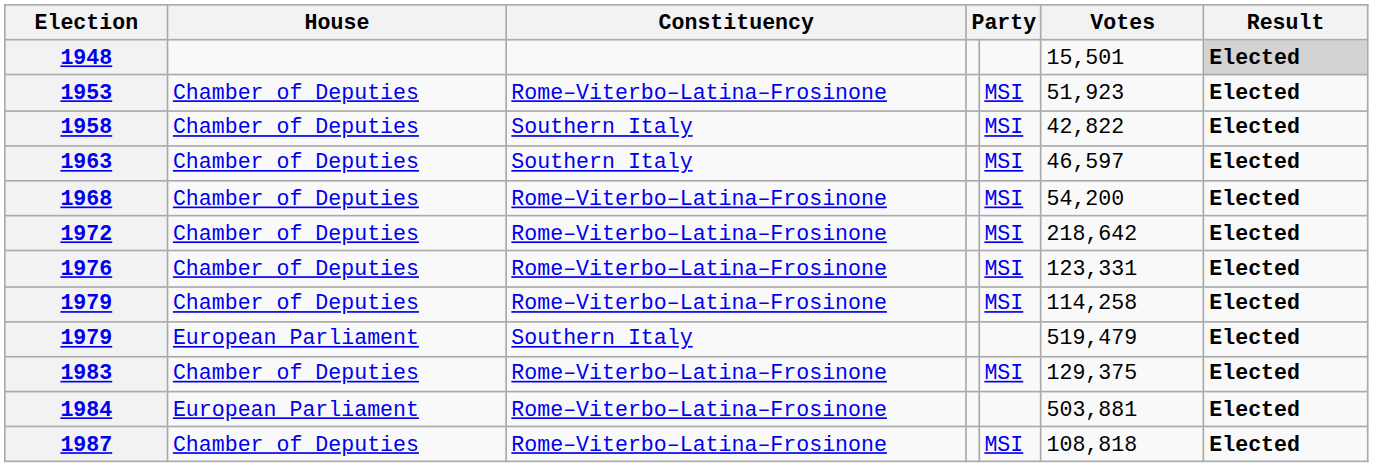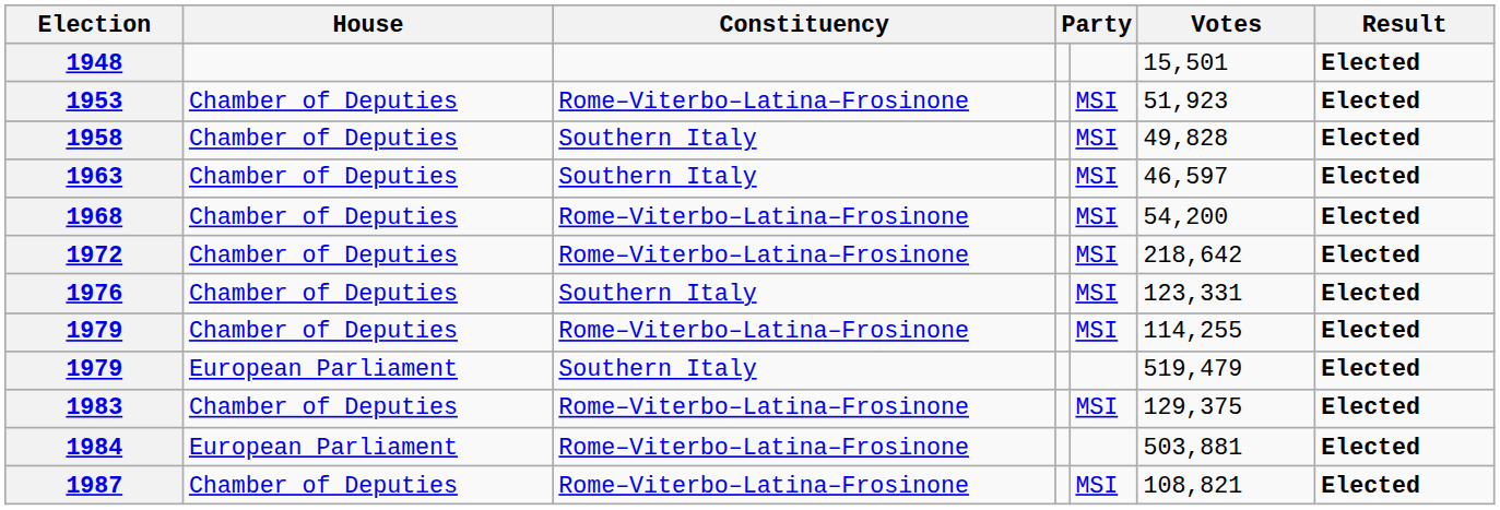 <table class=wikitable style="width:65%; border:1px #AAAAFF solid">
 <tr>
 <th width=12%>Election</th>
 <th width=25%>House</th>
 <th width=34%>Constituency</th>
 <th width=5% colspan="2">Party</th>
 <th width=12%>Votes</th>
 <th width=12%>Result</th>
 </tr>
 <tr>
 <th><a href='#'>1948</a></th>
 <td></td>
 <td></td>
 <td></td>
 <td></td>
 <td>15,501</td>
-<td style="background: lightgrey;"> <strong>Elected</strong></td>
+<td> <strong>Elected</strong></td>
 </tr>
 <tr>
 <th><a href='#'>1953</a></th>
 <td><a href='#'>Chamber of Deputies</a></td>
 <td><a href='#'>Rome–Viterbo–Latina–Frosinone</a></td>
 <td></td>
 <td><a href='#'>MSI</a></td>
 <td>51,923</td>
 <td> <strong>Elected</strong></td>
 </tr>
 <tr>
 <th><a href='#'>1958</a></th>
 <td><a href='#'>Chamber of Deputies</a></td>
 <td><a href='#'>Southern Italy</a></td>
 <td></td>
 <td><a href='#'>MSI</a></td>
-<td>42,822</td>
+<td>49,828</td>
 <td> <strong>Elected</strong></td>
 </tr>
 <tr>
 <th><a href='#'>1963</a></th>
 <td><a href='#'>Chamber of Deputies</a></td>
 <td><a href='#'>Southern Italy</a></td>
 <td></td>
 <td><a href='#'>MSI</a></td>
 <td>46,597</td>
 <td> <strong>Elected</strong></td>
 </tr>
 <tr>
 <th><a href='#'>1968</a></th>
 <td><a href='#'>Chamber of Deputies</a></td>
 <td><a href='#'>Rome–Viterbo–Latina–Frosinone</a></td>
 <td></td>
 <td><a href='#'>MSI</a></td>
 <td>54,200</td>
 <td> <strong>Elected</strong></td>
 </tr>
 <tr>
 <th><a href='#'>1972</a></th>
 <td><a href='#'>Chamber of Deputies</a></td>
 <td><a href='#'>Rome–Viterbo–Latina–Frosinone</a></td>
 <td></td>
 <td><a href='#'>MSI</a></td>
 <td>218,642</td>
 <td> <strong>Elected</strong></td>
 </tr>
 <tr>
 <th><a href='#'>1976</a></th>
 <td><a href='#'>Chamber of Deputies</a></td>
-<td><a href='#'>Rome–Viterbo–Latina–Frosinone</a></td>
+<td><a href='#'>Southern Italy</a></td>
 <td></td>
 <td><a href='#'>MSI</a></td>
 <td>123,331</td>
 <td> <strong>Elected</strong></td>
 </tr>
 <tr>
 <th><a href='#'>1979</a></th>
 <td><a href='#'>Chamber of Deputies</a></td>
 <td><a href='#'>Rome–Viterbo–Latina–Frosinone</a></td>
 <td></td>
 <td><a href='#'>MSI</a></td>
-<td>114,258</td>
+<td>114,255</td>
 <td> <strong>Elected</strong></td>
 </tr>
 <tr>
 <th><a href='#'>1979</a></th>
 <td><a href='#'>European Parliament</a></td>
 <td><a href='#'>Southern Italy</a></td>
 <td></td>
 <td></td>
 <td>519,479</td>
 <td> <strong>Elected</strong></td>
 </tr>
 <tr>
 <th><a href='#'>1983</a></th>
 <td><a href='#'>Chamber of Deputies</a></td>
 <td><a href='#'>Rome–Viterbo–Latina–Frosinone</a></td>
 <td></td>
 <td><a href='#'>MSI</a></td>
 <td>129,375</td>
 <td> <strong>Elected</strong></td>
 </tr>
 <tr>
 <th><a href='#'>1984</a></th>
 <td><a href='#'>European Parliament</a></td>
 <td><a href='#'>Rome–Viterbo–Latina–Frosinone</a></td>
 <td></td>
 <td></td>
 <td>503,881</td>
 <td> <strong>Elected</strong></td>
 </tr>
 <tr>
 <th><a href='#'>1987</a></th>
 <td><a href='#'>Chamber of Deputies</a></td>
 <td><a href='#'>Rome–Viterbo–Latina–Frosinone</a></td>
 <td></td>
 <td><a href='#'>MSI</a></td>
-<td>108,818</td>
+<td>108,821</td>
 <td> <strong>Elected</strong></td>
 </tr>
 </table>
